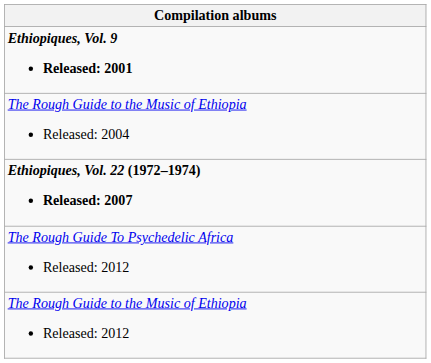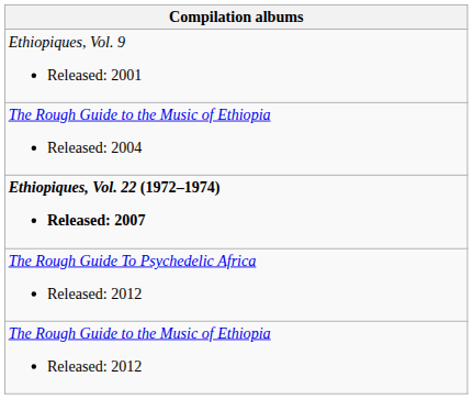 <table class="wikitable" style=width:30em>
 <tr>
 <th>Compilation albums</th>
 </tr>
 <tr>
-<td><strong><em>Ethiopiques, Vol. 9</em><br><ul><li>Released: 2001</li></ul></strong></td>
+<td><em>Ethiopiques, Vol. 9</em><br><ul><li>Released: 2001</li></ul></td>
 </tr>
 <tr>
 <td><em><a href='#'>The Rough Guide to the Music of Ethiopia</a></em><br><ul><li>Released: 2004</li></ul></td>
 </tr>
 <tr>
 <td><strong><em>Ethiopiques, Vol. 22</em> (1972–1974)<br><ul><li>Released: 2007</li></ul></strong></td>
 </tr>
 <tr>
 <td><em><a href='#'>The Rough Guide To Psychedelic Africa</a></em><br><ul><li>Released: 2012</li></ul></td>
 </tr>
 <tr>
 <td><em><a href='#'>The Rough Guide to the Music of Ethiopia</a></em><br><ul><li>Released: 2012</li></ul></td>
 </tr>
 </table>
